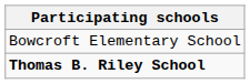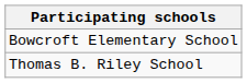 <table class="wikitable" align=right>
 <tr>
 <th>Participating schools</th>
 </tr>
 <tr>
 <td>Bowcroft Elementary School</td>
 </tr>
 <tr>
-<td><strong>Thomas B. Riley School</strong></td>
+<td>Thomas B. Riley School</td>
 </tr>
 </table>
